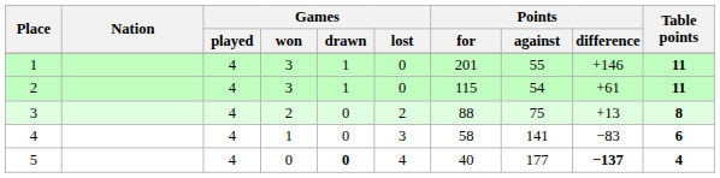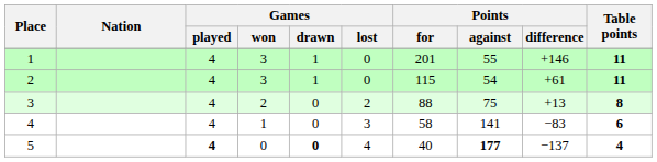 <table class="wikitable">
 <tr>
 <th rowspan=2 width="8%">Place</th>
 <th rowspan=2 width="20%">Nation</th>
 <th colspan=4 width="32%">Games</th>
 <th colspan=3 width="30%">Points</th>
 <th rowspan=2 width="10%">Table<br>points</th>
 </tr>
 <tr>
 <th width="8%">played</th>
 <th width="8%">won</th>
 <th width="8%">drawn</th>
 <th width="8%">lost</th>
 <th width="10%">for</th>
 <th width="10%">against</th>
 <th width="10%">difference</th>
 </tr>
 <tr>
 </tr>
 <tr bgcolor=#C0FFC0 align=center>
 <td>1</td>
 <td align=left></td>
 <td>4</td>
 <td>3</td>
 <td>1</td>
 <td>0</td>
 <td>201</td>
 <td>55</td>
 <td>+146</td>
 <td><strong>11</strong></td>
 </tr>
 <tr bgcolor=#C0FFC0 align=center>
 <td>2</td>
 <td align=left></td>
 <td>4</td>
 <td>3</td>
 <td>1</td>
 <td>0</td>
 <td>115</td>
 <td>54</td>
 <td>+61</td>
 <td><strong>11</strong></td>
 </tr>
 <tr bgcolor=#E0FFE0 align=center>
 <td>3</td>
 <td align=left></td>
 <td>4</td>
 <td>2</td>
 <td>0</td>
 <td>2</td>
 <td>88</td>
 <td>75</td>
 <td>+13</td>
 <td><strong>8</strong></td>
 </tr>
 <tr bgcolor=#ffffff align=center>
 <td>4</td>
 <td align=left></td>
 <td>4</td>
 <td>1</td>
 <td>0</td>
 <td>3</td>
 <td>58</td>
 <td>141</td>
 <td>−83</td>
 <td><strong>6</strong></td>
 </tr>
 <tr bgcolor=#ffffff align=center>
 <td>5</td>
 <td align=left></td>
-<td>4</td>
+<td><strong>4</strong></td>
 <td>0</td>
 <td><strong>0</strong></td>
 <td>4</td>
 <td>40</td>
-<td>177</td>
-<td><strong>−137</strong></td>
+<td><strong>177</strong></td>
+<td>−137</td>
 <td><strong>4</strong></td>
 </tr>
 </table>
